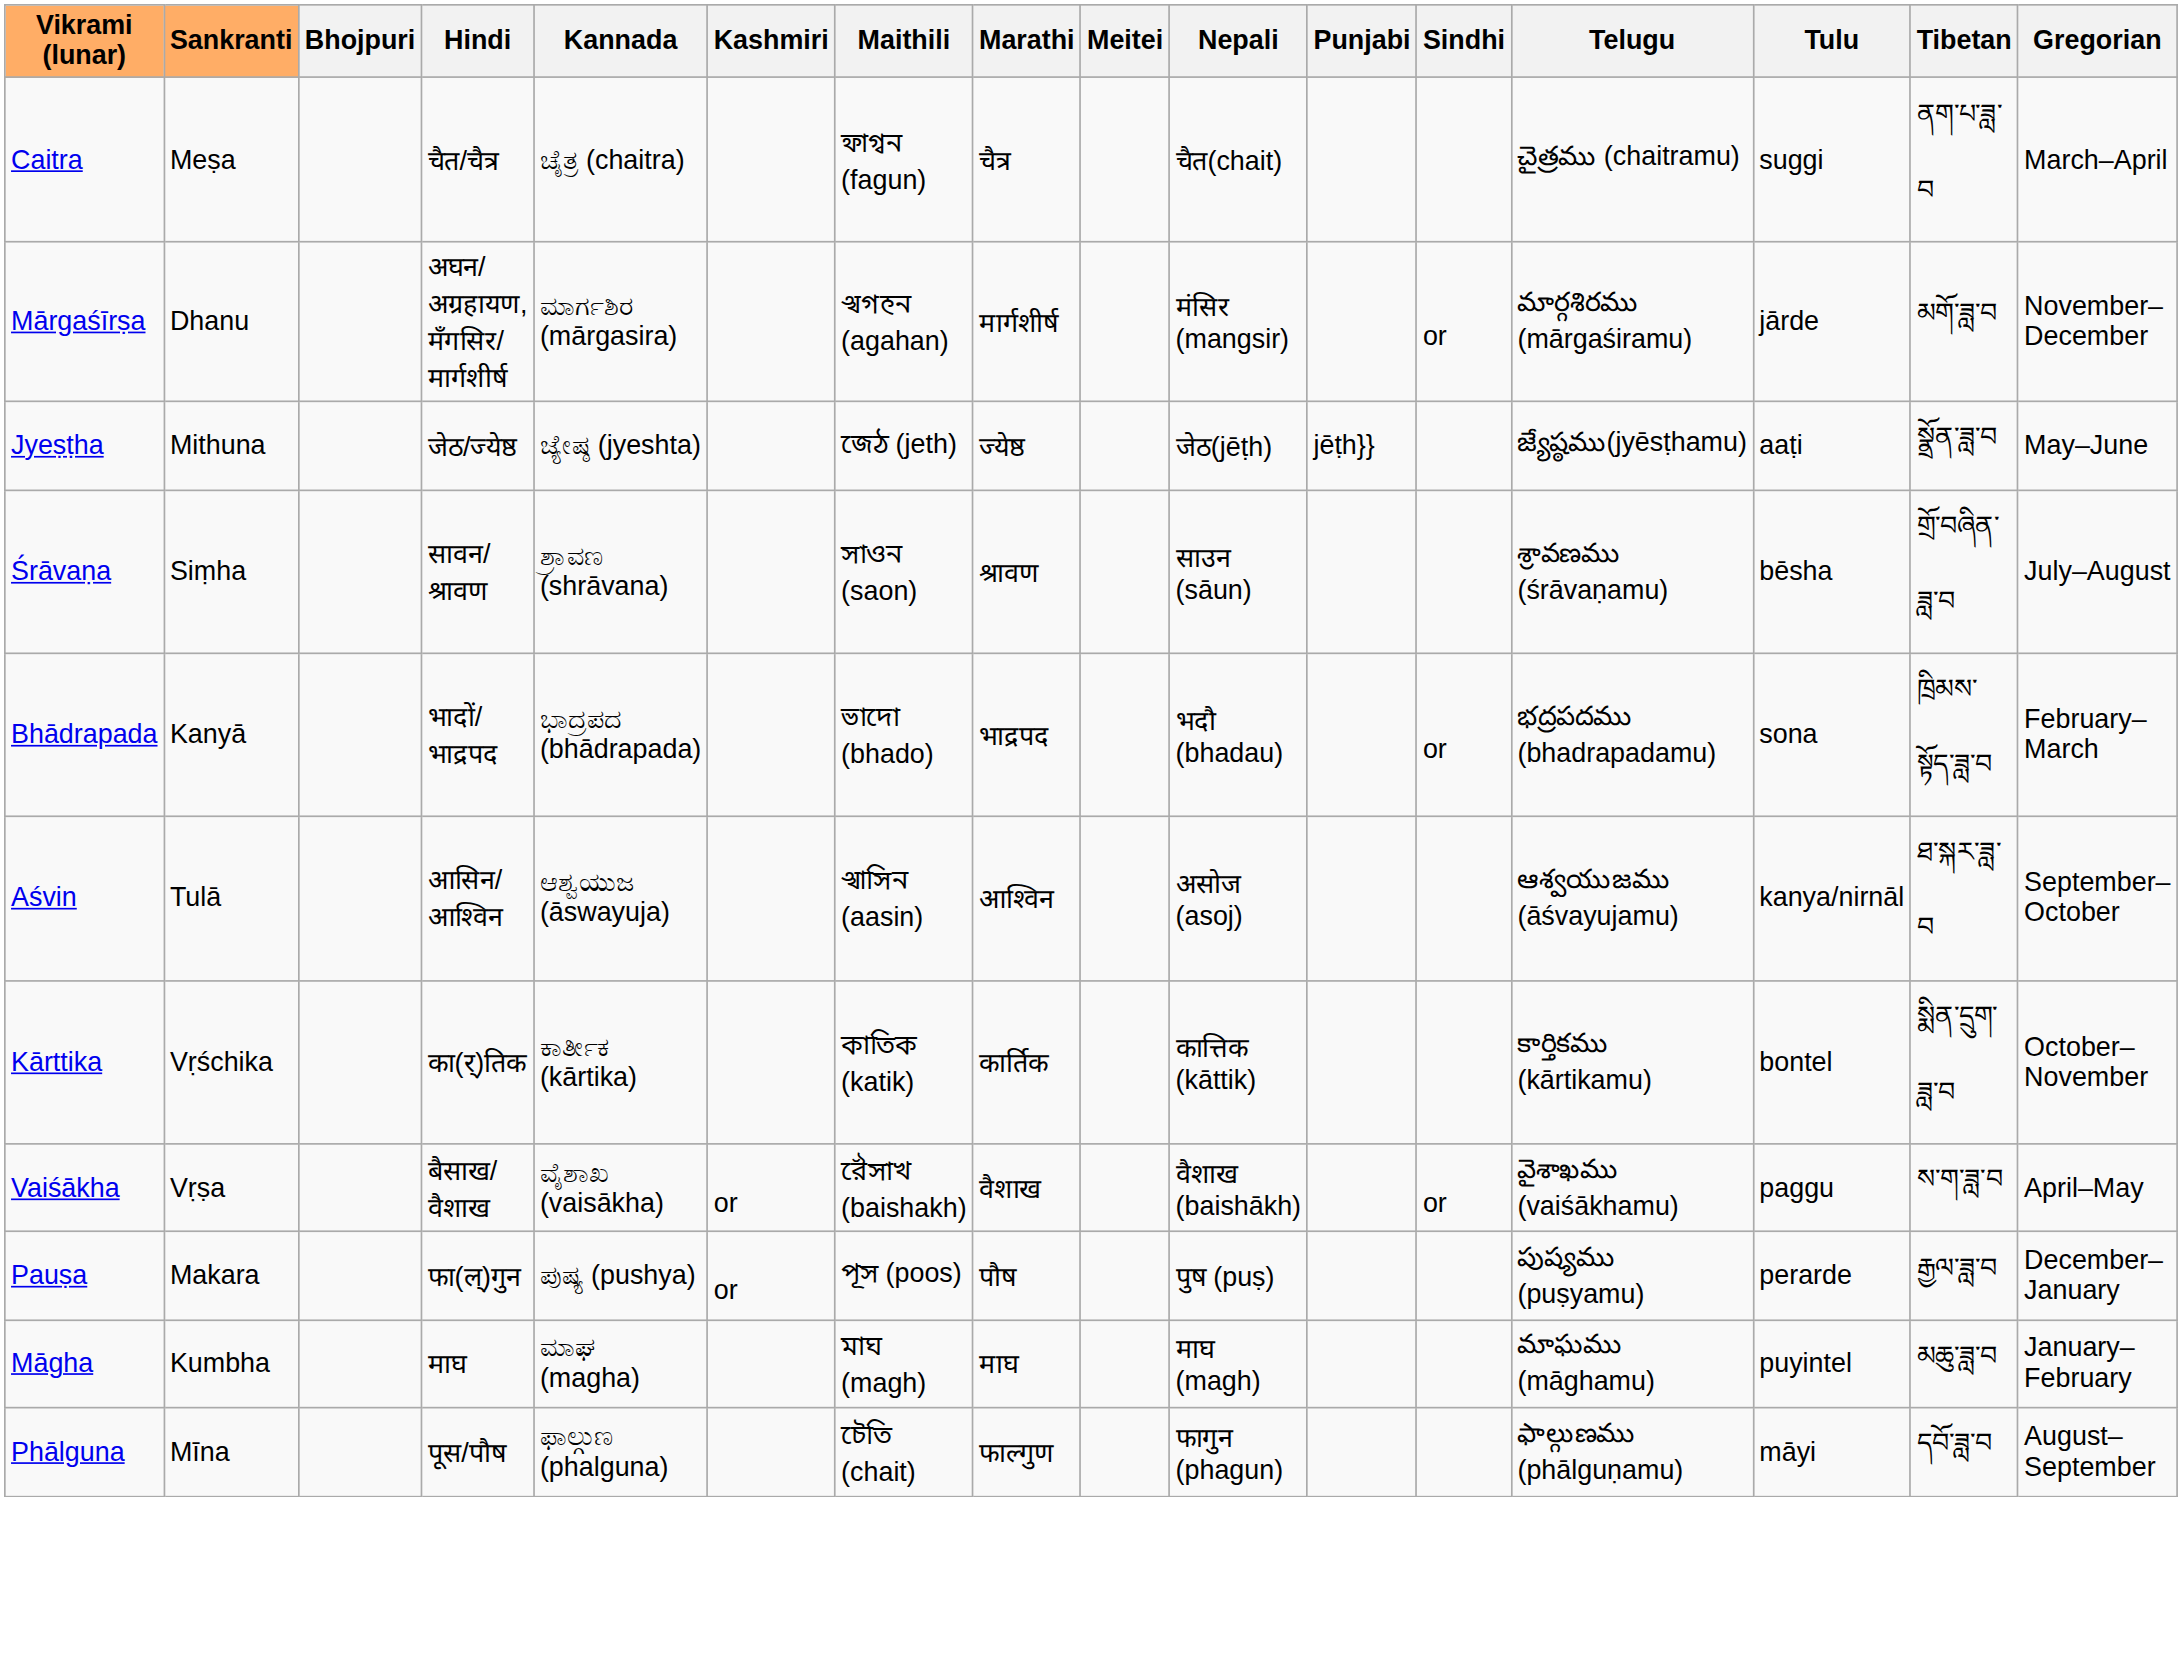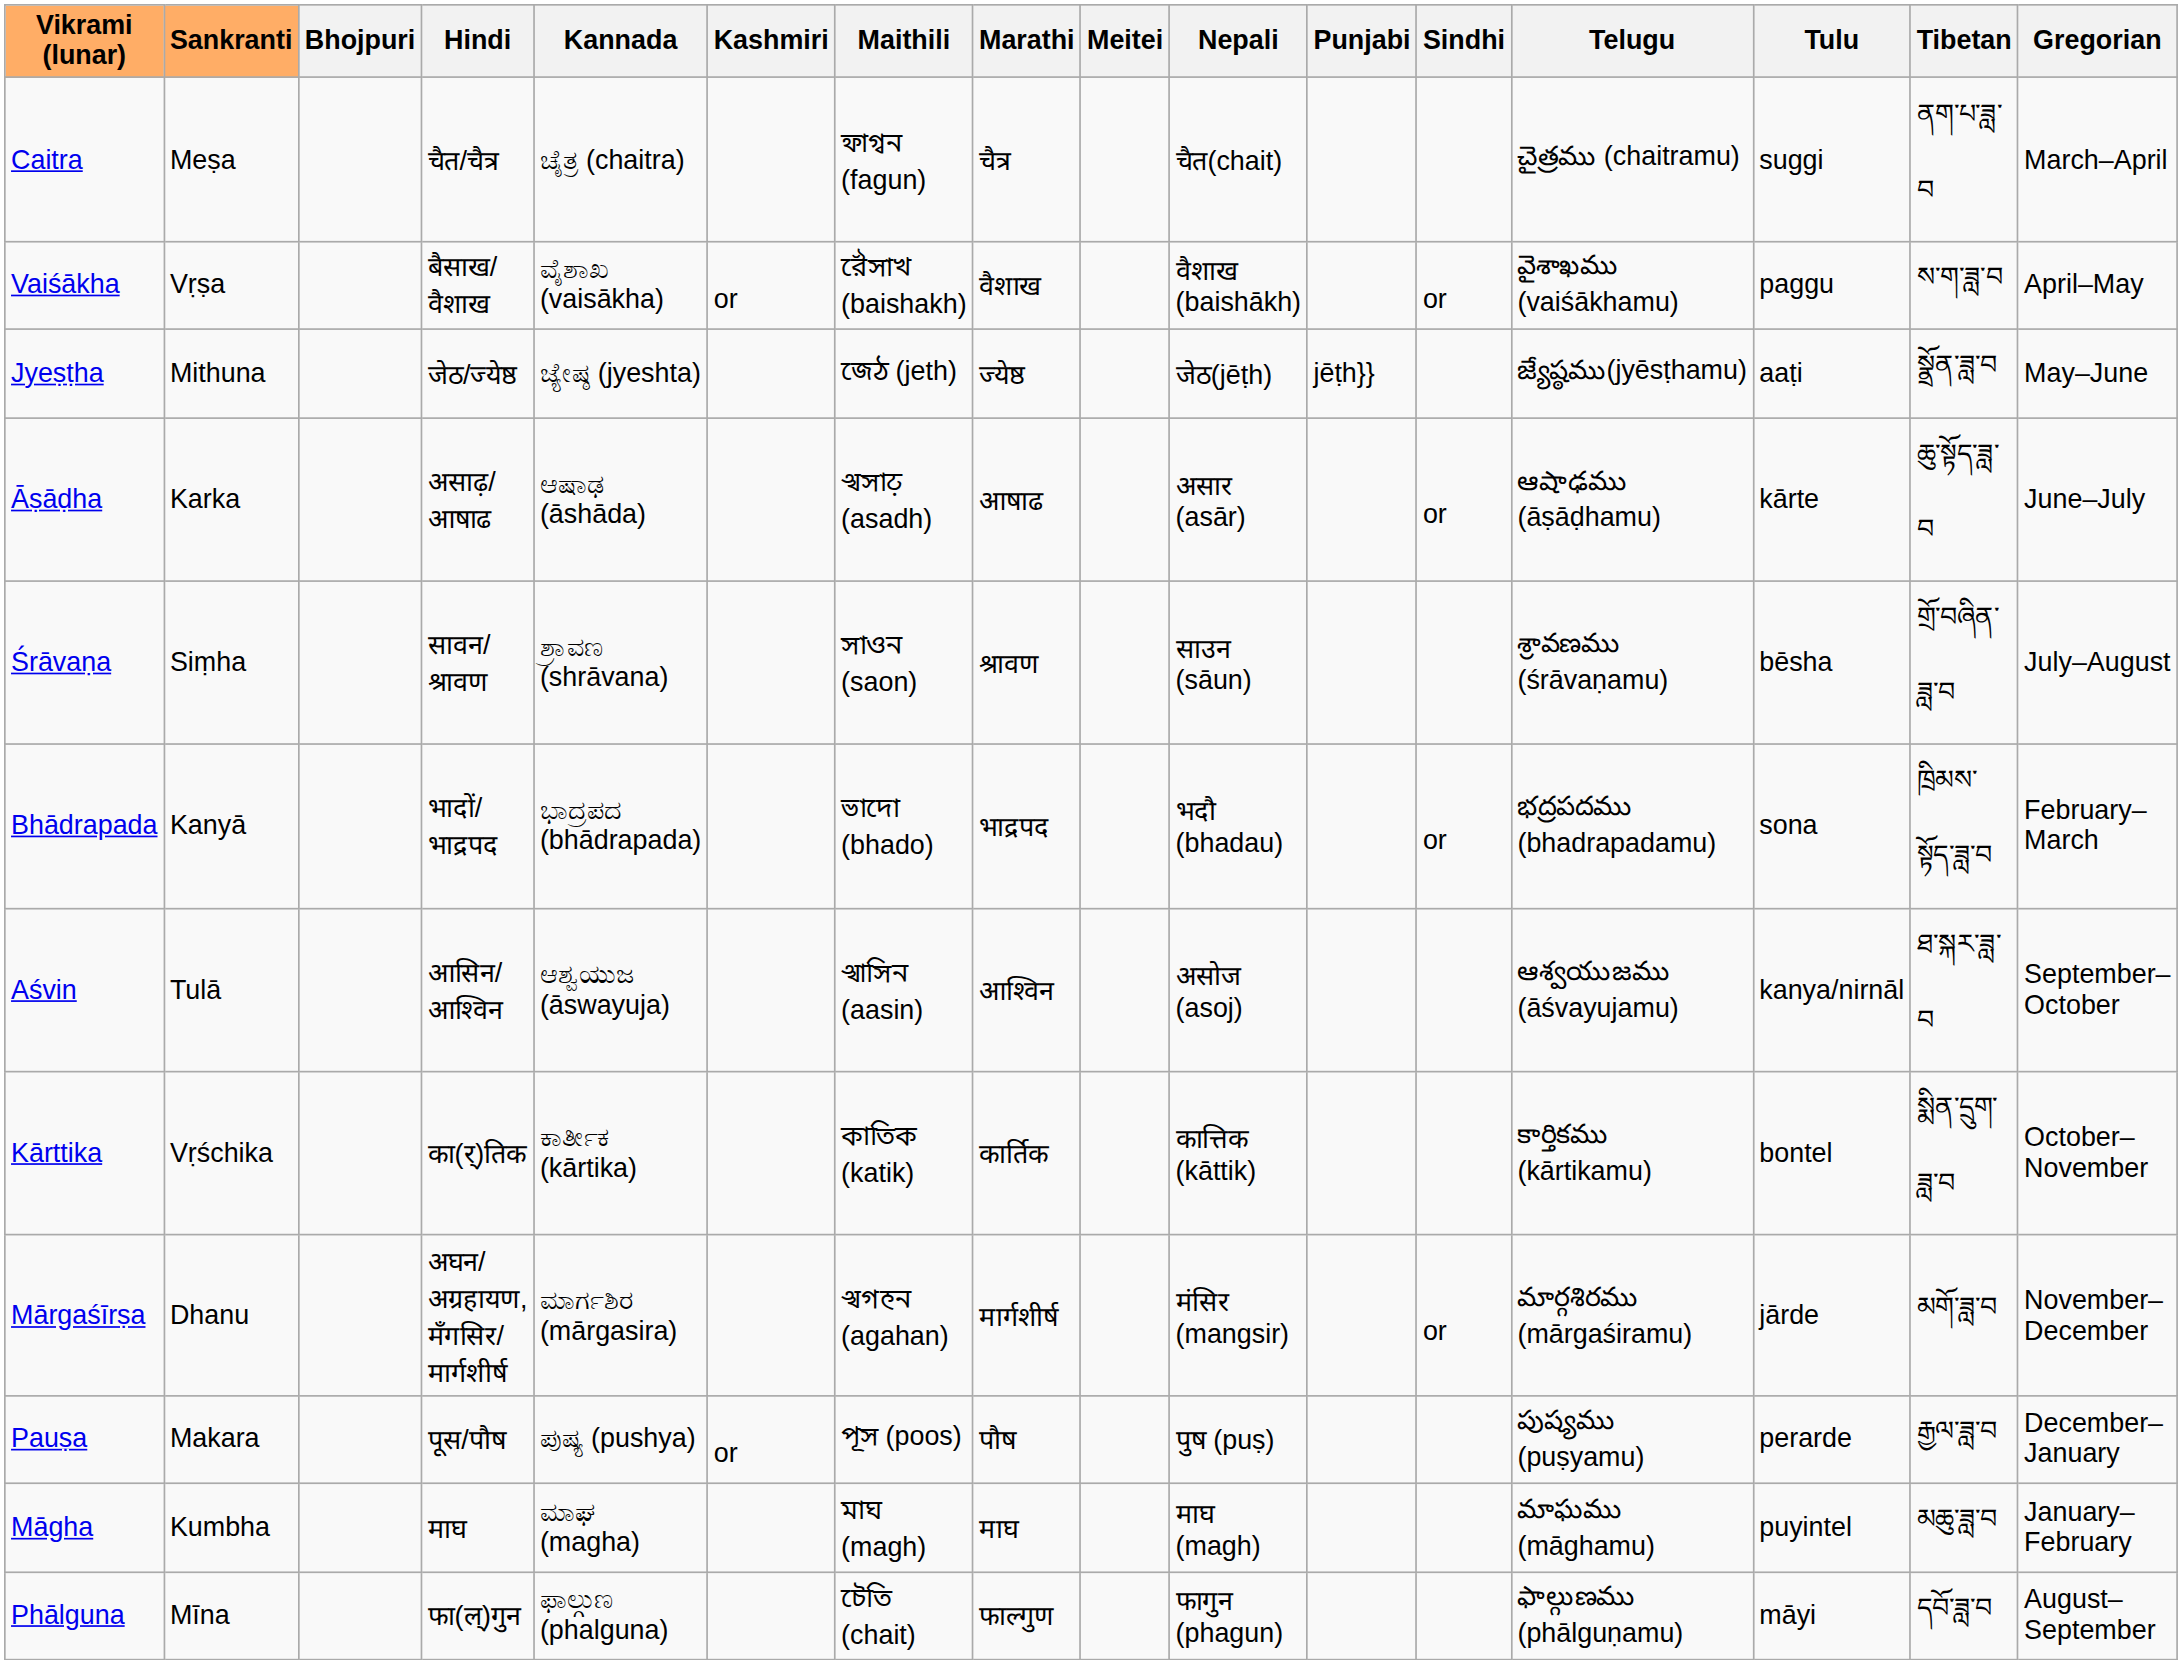 <table class="wikitable">
 <tr>
 <th style="background: #ffad66;" width=50>Vikrami<br>(lunar)</th>
 <th style="background: #ffad66;">Sankranti</th>
 <th>Bhojpuri</th>
 <th>Hindi</th>
 <th>Kannada</th>
 <th>Kashmiri</th>
 <th>Maithili</th>
 <th>Marathi</th>
 <th>Meitei</th>
 <th>Nepali</th>
 <th>Punjabi</th>
 <th>Sindhi</th>
 <th>Telugu</th>
 <th>Tulu</th>
 <th>Tibetan</th>
 <th>Gregorian</th>
 </tr>
 <tr>
 <td><a href='#'>Caitra</a></td>
 <td>Meṣa</td>
 <td></td>
 <td>चैत/चैत्र</td>
 <td>ಚೈತ್ರ (chaitra)</td>
 <td> </td>
 <td>𑒤𑒰𑒑𑒳𑒢 (fagun)</td>
 <td>चैत्र</td>
 <td></td>
 <td>चैत(chait)</td>
 <td></td>
 <td></td>
 <td>చైత్రము (chaitramu)</td>
 <td>suggi</td>
 <td>ནག་པ་ཟླ་བ</td>
 <td>March–April</td>
 </tr>
 <tr>
-<td><a href='#'>Mārgaśīrṣa</a></td>
-<td>Dhanu</td>
+<td><a href='#'>Vaiśākha</a></td>
+<td>Vṛṣa</td>
 <td></td>
-<td>अघन/अग्रहायण, मँगसिर/मार्गशीर्ष</td>
-<td>ಮಾರ್ಗಶಿರ (mārgasira)</td>
-<td> </td>
-<td>𑒁𑒑𑒯𑒢 (agahan)</td>
-<td>मार्गशीर्ष</td>
+<td>बैसाख/वैशाख</td>
+<td>ವೈಶಾಖ  (vaisākha)</td>
+<td> <br>or<br> </td>
+<td>𑒥𑒻𑒮𑒰𑒐 (baishakh)</td>
+<td>वैशाख</td>
 <td></td>
-<td>मंसिर (mangsir)</td>
+<td>वैशाख (baishākh)</td>
 <td></td>
 <td><br>or </td>
-<td>మార్గశిరము (mārgaśiramu)</td>
-<td>jārde</td>
-<td>མགོ་ཟླ་བ</td>
-<td>November–December</td>
+<td>వైశాఖము (vaiśākhamu)</td>
+<td>paggu</td>
+<td>ས་ག་ཟླ་བ</td>
+<td>April–May</td>
 </tr>
 <tr>
 <td><a href='#'>Jyeṣṭha</a></td>
 <td>Mithuna</td>
 <td></td>
 <td>जेठ/ज्येष्ठ</td>
 <td>ಜ್ಯೇಷ್ಠ (jyeshta)</td>
 <td><br></td>
 <td>𑒖𑒹𑒚 (jeth)</td>
 <td>ज्येष्ठ</td>
 <td></td>
 <td>जेठ(jēṭh)</td>
 <td>jēṭh}}</td>
 <td></td>
 <td>జ్యేష్ఠము(jyēsṭhamu)</td>
 <td>aaṭi</td>
 <td>སྣྲོན་ཟླ་བ</td>
 <td>May–June</td>
+</tr>
+<tr>
+<td><a href='#'>Āṣāḍha</a></td>
+<td>Karka</td>
+<td></td>
+<td>असाढ़/आषाढ</td>
+<td>ಆಷಾಢ (āshāda)</td>
+<td><br></td>
+<td>𑒁𑒮𑒰𑒜𑓃 (asadh)</td>
+<td>आषाढ</td>
+<td></td>
+<td>असार (asār)</td>
+<td></td>
+<td><br>or </td>
+<td>ఆషాఢము (āṣāḍhamu)</td>
+<td>kārte</td>
+<td>ཆུ་སྟོད་ཟླ་བ</td>
+<td>June–July</td>
 </tr>
 <tr>
 <td><a href='#'>Śrāvaṇa</a></td>
 <td>Siṃha</td>
 <td></td>
 <td>सावन/श्रावण</td>
 <td>ಶ್ರಾವಣ (shrāvana)</td>
 <td> </td>
 <td>𑒮𑒰𑒍𑒢 (saon)</td>
 <td>श्रावण</td>
 <td></td>
 <td>साउन (sāun)</td>
 <td></td>
 <td></td>
 <td>శ్రావణము (śrāvaṇamu)</td>
 <td>bēsha</td>
 <td>གྲོ་བཞིན་ཟླ་བ</td>
 <td>July–August</td>
 </tr>
 <tr>
 <td><a href='#'>Bhādrapada</a></td>
 <td>Kanyā</td>
 <td></td>
 <td>भादों/भाद्रपद</td>
 <td>ಭಾದ್ರಪದ (bhādrapada)</td>
 <td> </td>
 <td>𑒦𑒰𑒠𑒼 (bhado)</td>
 <td>भाद्रपद</td>
 <td></td>
 <td>भदौ (bhadau)</td>
 <td></td>
 <td><br>or </td>
 <td>భద్రపదము (bhadrapadamu)</td>
 <td>sona</td>
 <td>ཁྲིམས་སྟོད་ཟླ་བ</td>
 <td>February–March</td>
 </tr>
 <tr>
 <td><a href='#'>Aśvin</a></td>
 <td>Tulā</td>
 <td></td>
 <td>आसिन/आश्विन</td>
 <td>ಆಶ್ವಯುಜ (āswayuja)</td>
 <td><br></td>
 <td>𑒂𑒮𑒱𑒢 (aasin)</td>
 <td>आश्विन</td>
 <td></td>
 <td>असोज (asoj)</td>
 <td></td>
 <td></td>
 <td>ఆశ్వయుజము (āśvayujamu)</td>
 <td>kanya/nirnāl</td>
 <td>ཐ་སྐར་ཟླ་བ</td>
 <td>September–October</td>
 </tr>
 <tr>
 <td><a href='#'>Kārttika</a></td>
 <td>Vṛśchika</td>
 <td></td>
 <td>का(र्)तिक</td>
 <td>ಕಾರ್ತೀಕ (kārtika)</td>
 <td><br></td>
 <td>𑒏𑒰𑒞𑒱𑒏 (katik)</td>
 <td>कार्तिक</td>
 <td></td>
 <td>कात्तिक (kāttik)</td>
 <td></td>
 <td></td>
 <td>కార్తికము (kārtikamu)</td>
 <td>bontel</td>
 <td>སྨིན་དྲུག་ཟླ་བ</td>
 <td>October–November</td>
 </tr>
 <tr>
-<td><a href='#'>Vaiśākha</a></td>
-<td>Vṛṣa</td>
+<td><a href='#'>Mārgaśīrṣa</a></td>
+<td>Dhanu</td>
 <td></td>
-<td>बैसाख/वैशाख</td>
-<td>ವೈಶಾಖ  (vaisākha)</td>
-<td> <br>or<br> </td>
-<td>𑒥𑒻𑒮𑒰𑒐 (baishakh)</td>
-<td>वैशाख</td>
+<td>अघन/अग्रहायण, मँगसिर/मार्गशीर्ष</td>
+<td>ಮಾರ್ಗಶಿರ (mārgasira)</td>
+<td> </td>
+<td>𑒁𑒑𑒯𑒢 (agahan)</td>
+<td>मार्गशीर्ष</td>
 <td></td>
-<td>वैशाख (baishākh)</td>
+<td>मंसिर (mangsir)</td>
 <td></td>
 <td><br>or </td>
-<td>వైశాఖము (vaiśākhamu)</td>
-<td>paggu</td>
-<td>ས་ག་ཟླ་བ</td>
-<td>April–May</td>
+<td>మార్గశిరము (mārgaśiramu)</td>
+<td>jārde</td>
+<td>མགོ་ཟླ་བ</td>
+<td>November–December</td>
 </tr>
 <tr>
 <td><a href='#'>Pauṣa</a></td>
 <td>Makara</td>
 <td></td>
-<td>फा(ल्)गुन</td>
+<td>पूस/पौष</td>
 <td>ಪುಷ್ಯ (pushya)</td>
 <td> <br>or  </td>
 <td>𑒣𑒴𑒮 (poos)</td>
 <td>पौष</td>
 <td></td>
 <td>पुष (puṣ)</td>
 <td></td>
 <td></td>
 <td>పుష్యము (puṣyamu)</td>
 <td>perarde</td>
 <td>རྒྱལ་ཟླ་བ</td>
 <td>December–January</td>
 </tr>
 <tr>
 <td><a href='#'>Māgha</a></td>
 <td>Kumbha</td>
 <td></td>
 <td>माघ</td>
 <td>ಮಾಘ (magha)</td>
 <td><br></td>
 <td>𑒧𑒰𑒒 (magh)</td>
 <td>माघ</td>
 <td></td>
 <td>माघ (magh)</td>
 <td></td>
 <td></td>
 <td>మాఘము (māghamu)</td>
 <td>puyintel</td>
 <td>མཆུ་ཟླ་བ</td>
 <td>January–February</td>
 </tr>
 <tr>
 <td><a href='#'>Phālguna</a></td>
 <td>Mīna</td>
 <td></td>
-<td>पूस/पौष</td>
+<td>फा(ल्)गुन</td>
 <td>ಫಾಲ್ಗುಣ (phalguna)</td>
 <td><br></td>
 <td>𑒔𑒻𑒞𑒱 (chait)</td>
 <td>फाल्गुण</td>
 <td></td>
 <td>फागुन (phagun)</td>
 <td></td>
 <td></td>
 <td>ఫాల్గుణము (phālguṇamu)</td>
 <td>māyi</td>
 <td>དབོ་ཟླ་བ</td>
 <td>August–September</td>
 </tr>
 </table>
